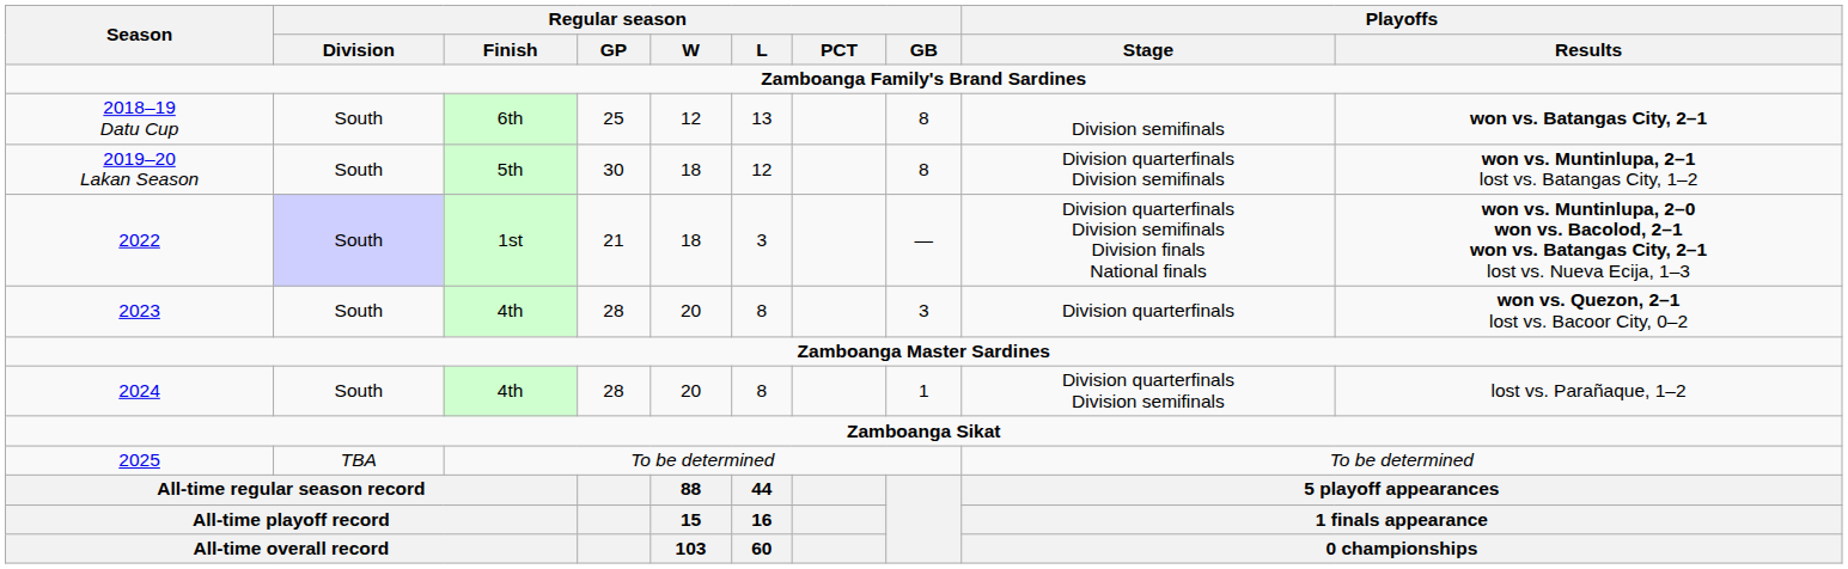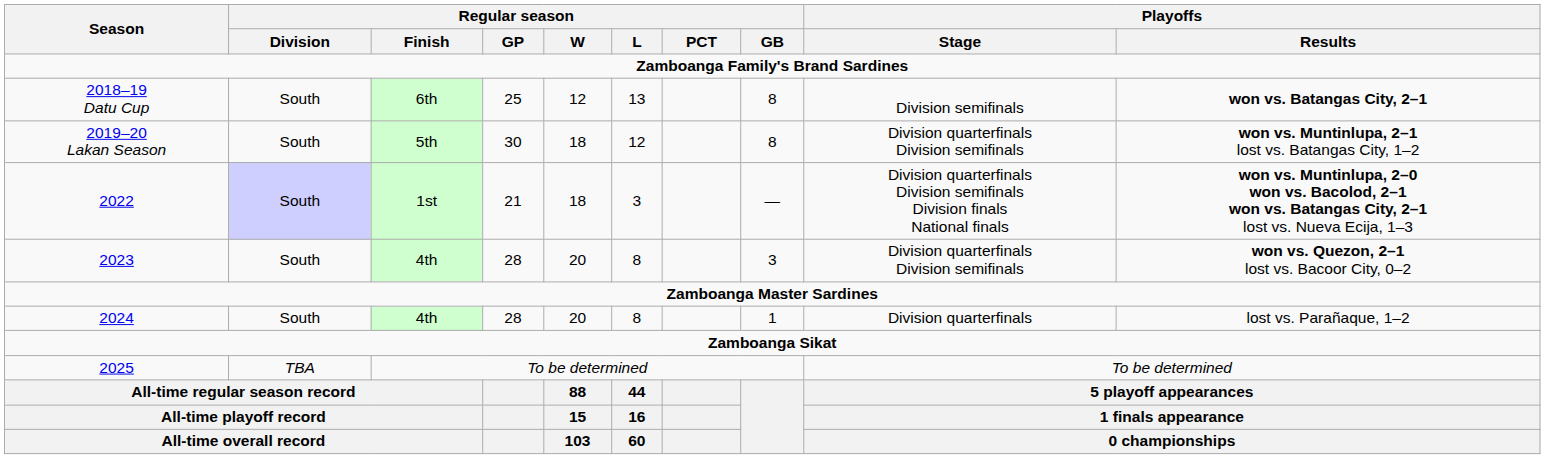 <table class=wikitable style="width:100%; text-align:center">
 <tr>
 <th rowspan="2">Season</th>
 <th colspan="7">Regular season</th>
 <th colspan="2">Playoffs</th>
 </tr>
 <tr>
 <th>Division</th>
 <th>Finish</th>
 <th>GP</th>
 <th>W</th>
 <th>L</th>
 <th>PCT</th>
 <th>GB</th>
 <th>Stage</th>
 <th>Results</th>
 </tr>
 <tr>
 <td colspan=10><span><strong>Zamboanga Family's Brand Sardines</strong></span></td>
 </tr>
 <tr>
 <td><a href='#'>2018–19</a> <br> <em>Datu Cup</em></td>
 <td>South</td>
 <td bgcolor="CFFFCF">6th</td>
 <td>25</td>
 <td>12</td>
 <td>13</td>
 <td></td>
 <td>8</td>
 <td><br>Division semifinals</td>
 <td><strong>won vs. Batangas City, 2–1</strong><br></td>
 </tr>
 <tr>
 <td><a href='#'>2019–20</a> <br> <em>Lakan Season</em></td>
 <td>South</td>
 <td bgcolor="CFFFCF">5th</td>
 <td>30</td>
 <td>18</td>
 <td>12</td>
 <td></td>
 <td>8</td>
 <td>Division quarterfinals<br>Division semifinals</td>
 <td><strong>won vs. Muntinlupa, 2–1</strong><br>lost vs. Batangas City, 1–2</td>
 </tr>
 <tr>
 <td><a href='#'>2022</a></td>
 <td bgcolor="CFCFFF">South</td>
 <td bgcolor="CFFFCF">1st</td>
 <td>21</td>
 <td>18</td>
 <td>3</td>
 <td></td>
 <td>—</td>
 <td>Division quarterfinals<br>Division semifinals<br>Division finals<br>National finals</td>
 <td><strong>won vs. Muntinlupa, 2–0</strong><br><strong>won vs. Bacolod, 2–1</strong><br><strong>won vs. Batangas City, 2–1</strong><br>lost vs. Nueva Ecija, 1–3</td>
 </tr>
 <tr>
 <td><a href='#'>2023</a></td>
 <td>South</td>
 <td bgcolor="CFFFCF">4th</td>
 <td>28</td>
 <td>20</td>
 <td>8</td>
 <td></td>
 <td>3</td>
-<td>Division quarterfinals</td>
+<td>Division quarterfinals<br>Division semifinals</td>
 <td><strong>won vs. Quezon, 2–1</strong><br>lost vs. Bacoor City, 0–2</td>
 </tr>
 <tr>
 <td colspan=10><span><strong>Zamboanga Master Sardines</strong></span></td>
 </tr>
 <tr>
 <td><a href='#'>2024</a></td>
 <td>South</td>
 <td bgcolor="CFFFCF">4th</td>
 <td>28</td>
 <td>20</td>
 <td>8</td>
 <td></td>
 <td>1</td>
-<td>Division quarterfinals<br>Division semifinals</td>
+<td>Division quarterfinals</td>
 <td>lost vs. Parañaque, 1–2</td>
 </tr>
 <tr>
 <td colspan=10><span><strong>Zamboanga Sikat</strong></span></td>
 </tr>
 <tr>
 <td><a href='#'>2025</a></td>
 <td><em>TBA</em></td>
 <td colspan=6><em>To be determined</em></td>
 <td colspan=2><em>To be determined</em></td>
 </tr>
 <tr>
 <th colspan="3">All-time regular season record</th>
 <th></th>
 <th>88</th>
 <th>44</th>
 <th></th>
 <th rowspan="3"></th>
 <th colspan="2">5 playoff appearances</th>
 </tr>
 <tr>
 <th colspan="3">All-time playoff record</th>
 <th></th>
 <th>15</th>
 <th>16</th>
 <th></th>
 <th colspan="2">1 finals appearance</th>
 </tr>
 <tr>
 <th colspan="3">All-time overall record</th>
 <th></th>
 <th>103</th>
 <th>60</th>
 <th></th>
 <th colspan="2">0 championships</th>
 </tr>
 </table>
